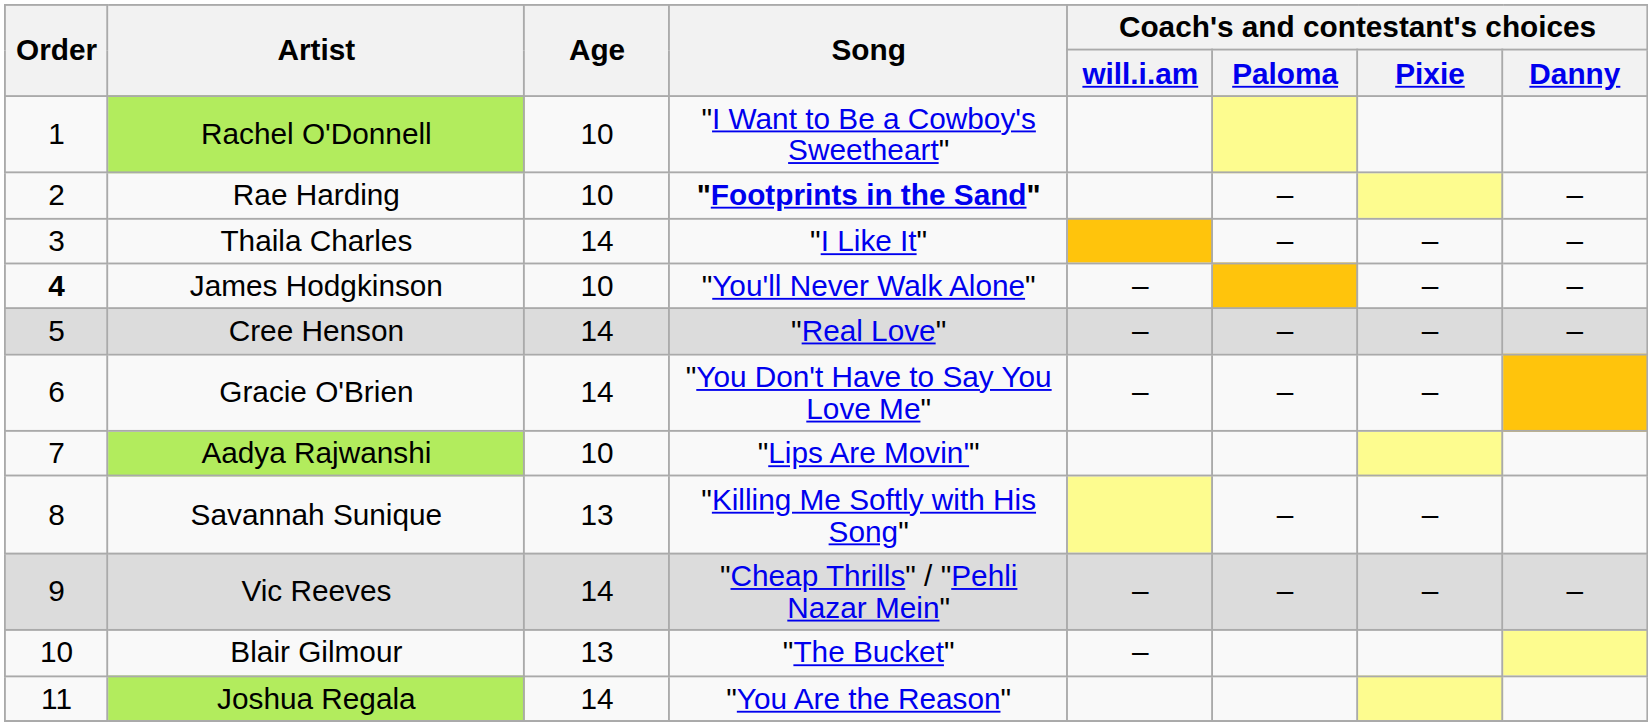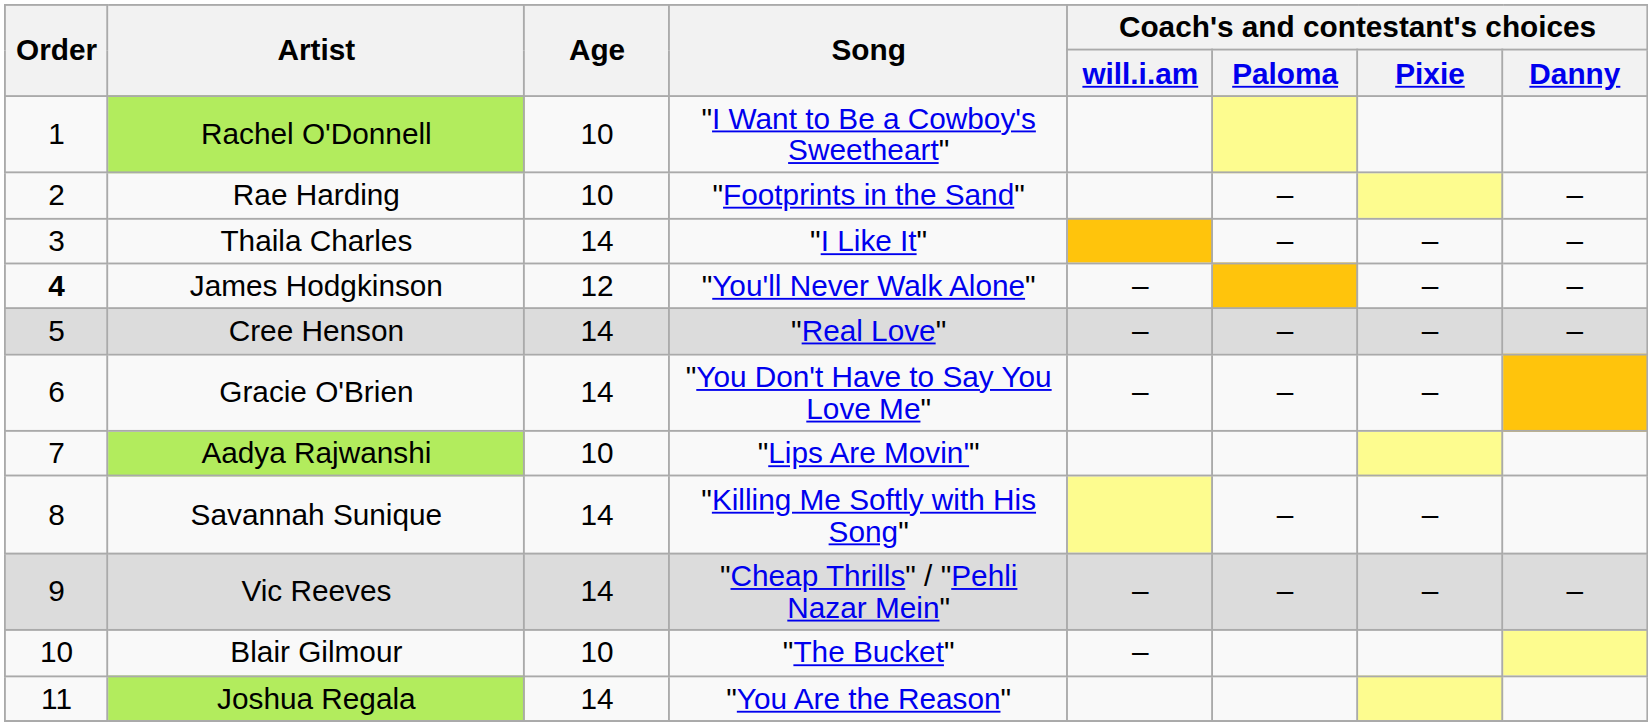 <table class="wikitable" style="text-align:center; line-height:17px; font-size:100%; width:100%;">
 <tr>
 <th width="5%" rowspan="2" scope="col">Order</th>
 <th scope="col" rowspan="2" width="23%">Artist</th>
 <th width="8%" rowspan="2" scope="col">Age</th>
 <th scope="col" rowspan="2" width="22%">Song</th>
 <th scope="col" colspan="4" width="24%">Coach's and contestant's choices</th>
 </tr>
 <tr>
 <th width="8%"><a href='#'>will.i.am</a></th>
 <th width="8%"><a href='#'>Paloma</a></th>
 <th width="8%"><a href='#'>Pixie</a></th>
 <th width="8%"><a href='#'>Danny</a></th>
 </tr>
 <tr>
 <td>1</td>
 <td style="background-color:#B2EC5D;">Rachel O'Donnell</td>
 <td>10</td>
 <td>"<a href='#'>I Want to Be a Cowboy's Sweetheart</a>"</td>
 <td><strong></strong></td>
 <td style="background:#fdfc8f;"><strong></strong></td>
 <td><strong></strong></td>
 <td><strong></strong></td>
 </tr>
 <tr>
 <td>2</td>
 <td>Rae Harding</td>
 <td>10</td>
-<td><strong>"<a href='#'>Footprints in the Sand</a>"</strong></td>
+<td>"<a href='#'>Footprints in the Sand</a>"</td>
 <td><strong></strong></td>
 <td>–</td>
 <td style="background:#fdfc8f;"><strong></strong></td>
 <td>–</td>
 </tr>
 <tr>
 <td>3</td>
 <td>Thaila Charles</td>
 <td>14</td>
 <td>"<a href='#'>I Like It</a>"</td>
 <td style="background:#FFC40C;"><strong></strong></td>
 <td>–</td>
 <td>–</td>
 <td>–</td>
 </tr>
 <tr>
 <td><strong>4</strong></td>
 <td>James Hodgkinson</td>
-<td>10</td>
+<td>12</td>
 <td>"<a href='#'>You'll Never Walk Alone</a>"</td>
 <td>–</td>
 <td style="background:#FFC40C;"><strong></strong></td>
 <td>–</td>
 <td>–</td>
 </tr>
 <tr bgcolor="#dcdcdc">
 <td>5</td>
 <td>Cree Henson</td>
 <td>14</td>
 <td>"<a href='#'>Real Love</a>"</td>
 <td>–</td>
 <td>–</td>
 <td>–</td>
 <td>–</td>
 </tr>
 <tr>
 <td>6</td>
 <td>Gracie O'Brien</td>
 <td>14</td>
 <td>"<a href='#'>You Don't Have to Say You Love Me</a>"</td>
 <td>–</td>
 <td>–</td>
 <td>–</td>
 <td style="background:#FFC40C;"><strong></strong></td>
 </tr>
 <tr>
 <td>7</td>
 <td style="background-color:#B2EC5D;">Aadya Rajwanshi</td>
 <td>10</td>
 <td>"<a href='#'>Lips Are Movin'</a>"</td>
 <td><strong></strong></td>
 <td><strong></strong></td>
 <td style="background:#fdfc8f;"><strong></strong></td>
 <td><strong></strong></td>
 </tr>
 <tr>
 <td>8</td>
 <td>Savannah Sunique</td>
-<td>13</td>
+<td>14</td>
 <td>"<a href='#'>Killing Me Softly with His Song</a>"</td>
 <td style="background:#fdfc8f;"><strong></strong></td>
 <td>–</td>
 <td>–</td>
 <td><strong></strong></td>
 </tr>
 <tr bgcolor="#dcdcdc">
 <td>9</td>
 <td>Vic Reeves</td>
 <td>14</td>
 <td>"<a href='#'>Cheap Thrills</a>" / "<a href='#'>Pehli Nazar Mein</a>"</td>
 <td>–</td>
 <td>–</td>
 <td>–</td>
 <td>–</td>
 </tr>
 <tr>
 <td>10</td>
 <td>Blair Gilmour</td>
-<td>13</td>
+<td>10</td>
 <td>"<a href='#'>The Bucket</a>"</td>
 <td>–</td>
 <td><strong></strong></td>
 <td><strong></strong></td>
 <td style="background:#fdfc8f;"><strong></strong></td>
 </tr>
 <tr>
 <td>11</td>
 <td style="background-color:#B2EC5D;">Joshua Regala</td>
 <td>14</td>
 <td>"<a href='#'>You Are the Reason</a>"</td>
 <td><strong></strong></td>
 <td><strong></strong></td>
 <td style="background:#fdfc8f;"><strong></strong></td>
 <td><strong></strong></td>
 </tr>
 <tr>
 </tr>
 </table>
